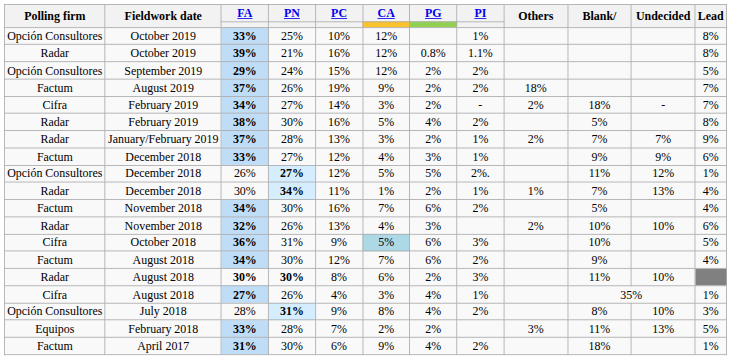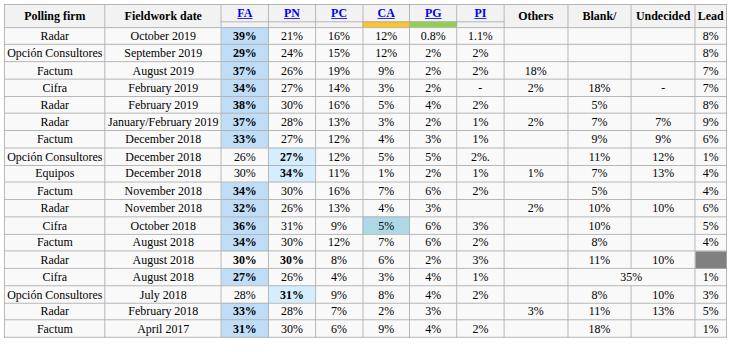 <table class="wikitable sortable mw-datatable" style="text-align:center;font-size:90%;line-height:14px;">
 <tr>
 <th rowspan=2>Polling firm</th>
 <th rowspan=2>Fieldwork date</th>
 <th style="width:50px;" class="unsortable"><a href='#'>FA</a></th>
 <th style="width:50px;" class="unsortable"><a href='#'>PN</a></th>
 <th style="width:50px;" class="unsortable"><a href='#'>PC</a></th>
 <th style="width:50px;" class="unsortable"><a href='#'>CA</a></th>
 <th style="width:50px;" class="unsortable"><a href='#'>PG</a></th>
 <th style="width:50px;" class="unsortable"><a href='#'>PI</a></th>
 <th rowspan="2" style="width:70px;">Others</th>
 <th rowspan="2" style="width:70px;">Blank/</th>
 <th rowspan="2" style="width:70px;">Undecided</th>
 <th rowspan="2" style="width:30px;">Lead</th>
 </tr>
 <tr>
 <th data-sort-type="number" style="background:"></th>
 <th data-sort-type="number" style="background:"></th>
 <th data-sort-type="number" style="background:"></th>
 <th data-sort-type="number" style="background:#FBC22B"></th>
 <th data-sort-type="number" style="background:#92D050"></th>
 <th data-sort-type="number" style="background:"></th>
-</tr>
-<tr>
-<td>Opción Consultores</td>
-<td>October 2019</td>
-<td style="background:#C0DDF8;"><strong>33%</strong></td>
-<td>25%</td>
-<td>10%</td>
-<td>12%</td>
-<td></td>
-<td>1%</td>
-<td></td>
-<td></td>
-<td></td>
-<td style="background:">8%</td>
 </tr>
 <tr>
 <td>Radar</td>
 <td>October 2019</td>
 <td style="background:#C0DDF8;"><strong>39%</strong></td>
 <td>21%</td>
 <td>16%</td>
 <td>12%</td>
 <td>0.8%</td>
 <td>1.1%</td>
 <td></td>
 <td></td>
 <td></td>
 <td style="background:">8%</td>
 </tr>
 <tr>
 <td>Opción Consultores</td>
 <td>September 2019</td>
 <td style="background:#C0DDF8;"><strong>29%</strong></td>
 <td>24%</td>
 <td>15%</td>
 <td>12%</td>
 <td>2%</td>
 <td>2%</td>
 <td></td>
 <td></td>
 <td></td>
-<td style="background:">5%</td>
+<td style="background:">8%</td>
 </tr>
 <tr>
 <td>Factum</td>
 <td>August 2019</td>
 <td style="background:#C0DDF8;"><strong>37%</strong></td>
 <td>26%</td>
 <td>19%</td>
 <td>9%</td>
 <td>2%</td>
 <td>2%</td>
 <td>18%</td>
 <td></td>
 <td></td>
 <td style="background:">7%</td>
 </tr>
 <tr>
 <td>Cifra</td>
 <td>February 2019</td>
 <td style="background:#C0DDF8;"><strong>34%</strong></td>
 <td>27%</td>
 <td>14%</td>
 <td>3%</td>
 <td>2%</td>
 <td>-</td>
 <td>2%</td>
 <td>18%</td>
 <td>-</td>
 <td style="background:">7%</td>
 </tr>
 <tr>
 <td>Radar</td>
 <td>February 2019</td>
 <td style="background:#C0DDF8;"><strong>38%</strong></td>
 <td>30%</td>
 <td>16%</td>
 <td>5%</td>
 <td>4%</td>
 <td>2%</td>
 <td></td>
 <td>5%</td>
 <td></td>
 <td style="background:">8%</td>
 </tr>
 <tr>
 <td>Radar</td>
 <td>January/February 2019</td>
 <td style="background:#C0DDF8;"><strong>37%</strong></td>
 <td>28%</td>
 <td>13%</td>
 <td>3%</td>
 <td>2%</td>
 <td>1%</td>
 <td>2%</td>
 <td>7%</td>
 <td>7%</td>
 <td style="background:">9%</td>
 </tr>
 <tr>
 <td>Factum</td>
 <td>December 2018</td>
 <td style="background:#C0DDF8;"><strong>33%</strong></td>
 <td>27%</td>
 <td>12%</td>
 <td>4%</td>
 <td>3%</td>
 <td>1%</td>
 <td></td>
 <td>9%</td>
 <td>9%</td>
 <td style="background:">6%</td>
 </tr>
 <tr>
 <td>Opción Consultores</td>
 <td>December 2018</td>
 <td>26%</td>
 <td style="background:#D4EDFF;"><strong>27%</strong></td>
 <td>12%</td>
 <td>5%</td>
 <td>5%</td>
 <td>2%.</td>
 <td></td>
 <td>11%</td>
 <td>12%</td>
 <td style="background-color:">1%</td>
 </tr>
 <tr>
-<td>Radar</td>
+<td>Equipos</td>
 <td>December 2018</td>
 <td>30%</td>
 <td style="background:#D4EDFF;"><strong>34%</strong></td>
 <td>11%</td>
 <td>1%</td>
 <td>2%</td>
 <td>1%</td>
 <td>1%</td>
 <td>7%</td>
 <td>13%</td>
 <td class="unsortable" style="background-color:">4%</td>
 </tr>
 <tr>
 <td>Factum</td>
 <td>November 2018</td>
 <td style="background:#C0DDF8;"><strong>34%</strong></td>
 <td>30%</td>
 <td>16%</td>
 <td>7%</td>
 <td>6%</td>
 <td>2%</td>
 <td></td>
 <td>5%</td>
 <td></td>
 <td style="background:">4%</td>
 </tr>
 <tr>
 <td>Radar</td>
 <td>November 2018</td>
 <td style="background:#C0DDF8;"><strong>32%</strong></td>
 <td>26%</td>
 <td>13%</td>
 <td>4%</td>
 <td>3%</td>
 <td></td>
 <td>2%</td>
 <td>10%</td>
 <td>10%</td>
 <td style="background:">6%</td>
 </tr>
 <tr>
 <td>Cifra</td>
 <td>October 2018</td>
 <td style="background:#C0DDF8;"><strong>36%</strong></td>
 <td>31%</td>
 <td>9%</td>
 <td style="background: lightblue;">5%</td>
 <td>6%</td>
 <td>3%</td>
 <td></td>
 <td>10%</td>
 <td></td>
 <td style="background:">5%</td>
 </tr>
 <tr>
 <td>Factum</td>
 <td>August 2018</td>
 <td style="background:#C0DDF8;"><strong>34%</strong></td>
 <td>30%</td>
 <td>12%</td>
 <td>7%</td>
 <td>6%</td>
 <td>2%</td>
 <td></td>
-<td>9%</td>
+<td>8%</td>
 <td></td>
 <td style="background:">4%</td>
 </tr>
 <tr>
 <td>Radar</td>
 <td>August 2018</td>
 <td><strong>30%</strong></td>
 <td><strong>30%</strong></td>
 <td>8%</td>
 <td>6%</td>
 <td>2%</td>
 <td>3%</td>
 <td></td>
 <td>11%</td>
 <td>10%</td>
 <td style="background:grey; color:White;"></td>
 </tr>
 <tr>
 <td>Cifra</td>
 <td>August 2018</td>
 <td style="background:#C0DDF8;"><strong>27%</strong></td>
 <td>26%</td>
 <td>4%</td>
 <td>3%</td>
 <td>4%</td>
 <td>1%</td>
 <td></td>
 <td colspan="2">35%</td>
 <td style="background:">1%</td>
 </tr>
 <tr>
 <td>Opción Consultores</td>
 <td>July 2018</td>
 <td>28%</td>
 <td style="background:#D4EDFF;"><strong>31%</strong></td>
 <td>9%</td>
 <td>8%</td>
 <td>4%</td>
 <td>2%</td>
 <td></td>
 <td>8%</td>
 <td>10%</td>
 <td style="background:">3%</td>
 </tr>
 <tr>
-<td>Equipos</td>
+<td>Radar</td>
 <td>February 2018</td>
 <td style="background:#C0DDF8;"><strong>33%</strong></td>
 <td>28%</td>
 <td>7%</td>
 <td>2%</td>
-<td>2%</td>
+<td>3%</td>
 <td></td>
 <td>3%</td>
 <td>11%</td>
 <td>13%</td>
 <td style="background:">5%</td>
 </tr>
 <tr>
 <td>Factum</td>
 <td>April 2017</td>
 <td style="background:#C0DDF8;"><strong>31%</strong></td>
 <td>30%</td>
 <td>6%</td>
 <td>9%</td>
 <td>4%</td>
 <td>2%</td>
 <td></td>
 <td>18%</td>
 <td></td>
 <td style="background:">1%</td>
 </tr>
 </table>
